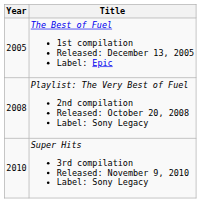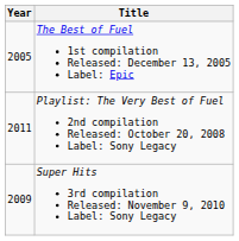 <table class="wikitable">
 <tr>
 <th>Year</th>
 <th>Title</th>
 </tr>
 <tr>
 <td>2005</td>
 <td><em><a href='#'>The Best of Fuel</a></em><br><ul><li>1st compilation</li><li>Released: December 13, 2005</li><li>Label: <a href='#'>Epic</a></li></ul></td>
 </tr>
 <tr>
-<td>2008</td>
+<td>2011</td>
 <td><em>Playlist: The Very Best of Fuel</em><br><ul><li>2nd compilation</li><li>Released: October 20, 2008</li><li>Label: Sony Legacy</li></ul></td>
 </tr>
 <tr>
-<td>2010</td>
+<td>2009</td>
 <td><em>Super Hits</em><br><ul><li>3rd compilation</li><li>Released: November 9, 2010</li><li>Label: Sony Legacy</li></ul></td>
 </tr>
 </table>
